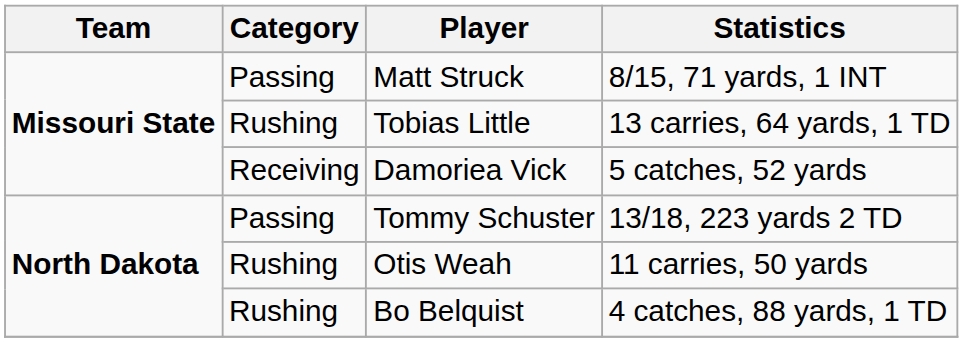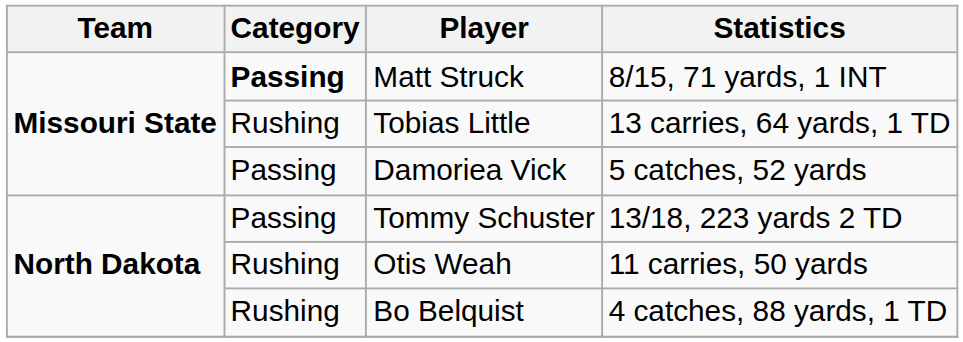 <table class="wikitable" style="float: right;">
 <tr>
 <th>Team</th>
 <th>Category</th>
 <th>Player</th>
 <th>Statistics</th>
 </tr>
 <tr>
 <td rowspan=3><strong>Missouri State</strong></td>
-<td>Passing</td>
+<td><strong>Passing</strong></td>
 <td>Matt Struck</td>
 <td>8/15, 71 yards, 1 INT</td>
 </tr>
 <tr>
 <td>Rushing</td>
 <td>Tobias Little</td>
 <td>13 carries, 64 yards, 1 TD</td>
 </tr>
 <tr>
-<td>Receiving</td>
+<td>Passing</td>
 <td>Damoriea Vick</td>
 <td>5 catches, 52 yards</td>
 </tr>
 <tr>
 <td rowspan=3><strong>North Dakota</strong></td>
 <td>Passing</td>
 <td>Tommy Schuster</td>
 <td>13/18, 223 yards 2 TD</td>
 </tr>
 <tr>
 <td>Rushing</td>
 <td>Otis Weah</td>
 <td>11 carries, 50 yards</td>
 </tr>
 <tr>
 <td>Rushing</td>
 <td>Bo Belquist</td>
 <td>4 catches, 88 yards, 1 TD</td>
 </tr>
 <tr>
 </tr>
 </table>
